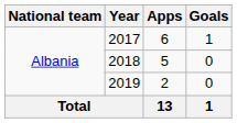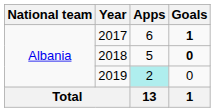 <table class=wikitable style="text-align: center;">
 <tr>
 <th>National team</th>
 <th>Year</th>
 <th>Apps</th>
 <th>Goals</th>
 </tr>
 <tr>
 <td rowspan="3"><a href='#'>Albania</a></td>
 <td>2017</td>
 <td>6</td>
-<td>1</td>
+<td><strong>1</strong></td>
 </tr>
 <tr>
 <td>2018</td>
 <td>5</td>
-<td>0</td>
+<td><strong>0</strong></td>
 </tr>
 <tr>
 <td>2019</td>
-<td>2</td>
+<td style="background: paleturquoise;">2</td>
 <td>0</td>
 </tr>
 <tr>
 <th colspan="2">Total</th>
 <th>13</th>
 <th>1</th>
 </tr>
 </table>
